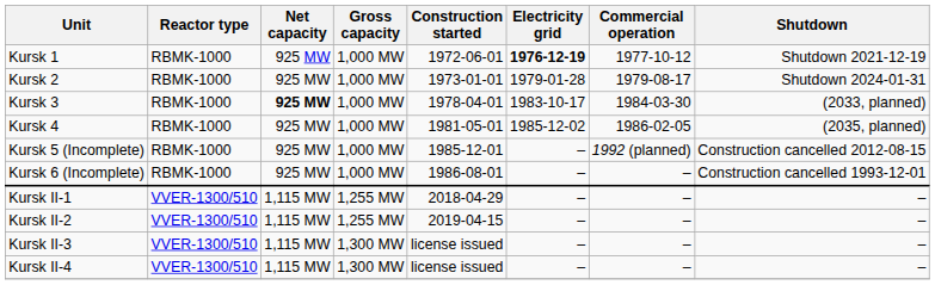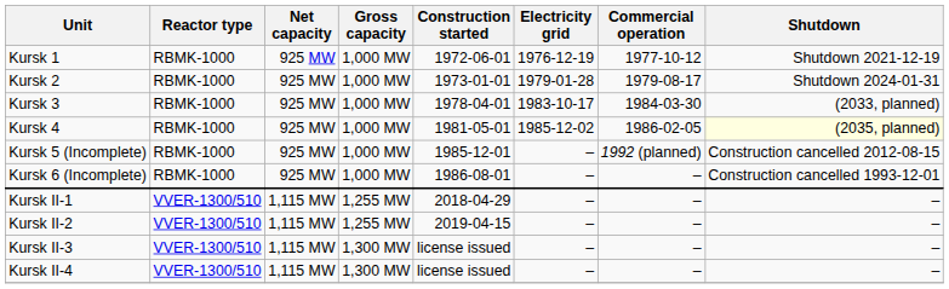 <table class="wikitable">
 <tr>
 <th>Unit</th>
 <th>Reactor type</th>
 <th>Net<br>capacity</th>
 <th>Gross<br>capacity</th>
 <th>Construction<br>started</th>
 <th>Electricity<br>grid</th>
 <th>Commercial<br>operation</th>
 <th>Shutdown</th>
 </tr>
 <tr>
 <td>Kursk 1</td>
 <td>RBMK-1000</td>
 <td align="right">925 <a href='#'>MW</a></td>
 <td align="right">1,000 MW</td>
 <td align="right">1972-06-01</td>
-<td align="right"><strong>1976-12-19</strong></td>
+<td align="right">1976-12-19</td>
 <td align="right">1977-10-12</td>
 <td align="right">Shutdown 2021-12-19</td>
 </tr>
 <tr>
 <td>Kursk 2</td>
 <td>RBMK-1000</td>
 <td align="right">925 MW</td>
 <td align="right">1,000 MW</td>
 <td align="right">1973-01-01</td>
 <td align="right">1979-01-28</td>
 <td align="right">1979-08-17</td>
 <td align="right">Shutdown 2024-01-31</td>
 </tr>
 <tr>
 <td>Kursk 3</td>
 <td>RBMK-1000</td>
-<td align="right"><strong>925 MW</strong></td>
+<td align="right">925 MW</td>
 <td align="right">1,000 MW</td>
 <td align="right">1978-04-01</td>
 <td align="right">1983-10-17</td>
 <td align="right">1984-03-30</td>
 <td align="right">(2033, planned)</td>
 </tr>
 <tr>
 <td>Kursk 4</td>
 <td>RBMK-1000</td>
 <td align="right">925 MW</td>
 <td align="right">1,000 MW</td>
 <td align="right">1981-05-01</td>
 <td align="right">1985-12-02</td>
 <td align="right">1986-02-05</td>
-<td align="right">(2035, planned)</td>
+<td align="right" style="background: lightyellow;">(2035, planned)</td>
 </tr>
 <tr>
 <td>Kursk 5 (Incomplete)</td>
 <td>RBMK-1000</td>
 <td align="right">925 MW</td>
 <td align="right">1,000 MW</td>
 <td align="right">1985-12-01</td>
 <td align="right">–</td>
 <td align="right"><em>1992</em> (planned)</td>
 <td align="right">Construction cancelled 2012-08-15</td>
 </tr>
 <tr>
 <td>Kursk 6 (Incomplete) </td>
 <td>RBMK-1000</td>
 <td align="right">925 MW</td>
 <td align="right">1,000 MW</td>
 <td align="right">1986-08-01</td>
 <td align="right">–</td>
 <td align="right">–</td>
 <td align="right">Construction cancelled 1993-12-01</td>
 </tr>
 <tr style="border-top: 2px solid black;">
 <td>Kursk II-1</td>
 <td><a href='#'>VVER-1300/510</a></td>
 <td align="right">1,115 MW</td>
 <td align="right">1,255 MW</td>
 <td align="right">2018-04-29</td>
 <td align="right">–</td>
 <td align="right">–</td>
 <td align="right">–</td>
 </tr>
 <tr>
 <td>Kursk II-2</td>
 <td><a href='#'>VVER-1300/510</a></td>
 <td align="right">1,115 MW</td>
 <td align="right">1,255 MW</td>
 <td align="right">2019-04-15</td>
 <td align="right">–</td>
 <td align="right">–</td>
 <td align="right">–</td>
 </tr>
 <tr>
 <td>Kursk II-3</td>
 <td><a href='#'>VVER-1300/510</a></td>
 <td align="right">1,115 MW</td>
 <td align="right">1,300 MW</td>
 <td align="right">license issued</td>
 <td align="right">–</td>
 <td align="right">–</td>
 <td align="right">–</td>
 </tr>
 <tr>
 <td>Kursk II-4</td>
 <td><a href='#'>VVER-1300/510</a></td>
 <td align="right">1,115 MW</td>
 <td align="right">1,300 MW</td>
 <td align="right">license issued</td>
 <td align="right">–</td>
 <td align="right">–</td>
 <td align="right">–</td>
 </tr>
 <tr>
 </tr>
 </table>
